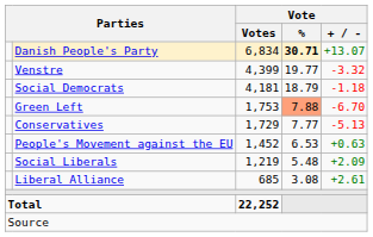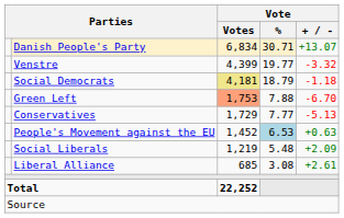 <table class="wikitable" style="text-align:right;">
 <tr>
 <th style="text-align:centre;" rowspan="2" colspan="2" width="225">Parties</th>
 <th colspan="3">Vote</th>
 </tr>
 <tr>
 <th width="15">Votes</th>
 <th width="15">%</th>
 <th width="15">+ / -</th>
 </tr>
 <tr>
 <td width="2" style="color:inherit;background:"></td>
 <td bgcolor=#fef2cc   align="left"><a href='#'>Danish People's Party</a></td>
 <td bgcolor=#fef2cc>6,834</td>
-<td bgcolor=#fef2cc><strong>30.71</strong></td>
+<td bgcolor=#fef2cc>30.71</td>
 <td style=color:green;>+13.07</td>
 </tr>
 <tr>
 <td width="2" style="color:inherit;background:"></td>
 <td align="left"><a href='#'>Venstre</a></td>
 <td>4,399</td>
 <td>19.77</td>
 <td style=color:red;>-3.32</td>
 </tr>
 <tr>
 <td width="2" style="color:inherit;background:"></td>
 <td align="left"><a href='#'>Social Democrats</a></td>
-<td>4,181</td>
+<td style="background: khaki;">4,181</td>
 <td>18.79</td>
 <td style=color:red;>-1.18</td>
 </tr>
 <tr>
 <td width="2" style="color:inherit;background:"></td>
 <td align="left"><a href='#'>Green Left</a></td>
-<td>1,753</td>
-<td style="background: lightsalmon;">7.88</td>
+<td style="background: lightsalmon;">1,753</td>
+<td>7.88</td>
 <td style=color:red;>-6.70</td>
 </tr>
 <tr>
 <td width="2" style="color:inherit;background:"></td>
 <td align="left"><a href='#'>Conservatives</a></td>
 <td>1,729</td>
 <td>7.77</td>
 <td style=color:red;>-5.13</td>
 </tr>
 <tr>
 <td width="2" style="color:inherit;background:"></td>
 <td align="left"><a href='#'>People's Movement against the EU</a></td>
 <td>1,452</td>
-<td>6.53</td>
+<td style="background: lightblue;">6.53</td>
 <td style=color:green;>+0.63</td>
 </tr>
 <tr>
 <td width="2" style="color:inherit;background:"></td>
 <td align="left"><a href='#'>Social Liberals</a></td>
 <td>1,219</td>
 <td>5.48</td>
 <td style=color:green;>+2.09</td>
 </tr>
 <tr>
 <td width="2" style="color:inherit;background:"></td>
 <td align="left"><a href='#'>Liberal Alliance</a></td>
 <td>685</td>
 <td>3.08</td>
 <td style=color:green;>+2.61</td>
 </tr>
 <tr>
 <td colspan="7" bgcolor="#E9E9E9"></td>
 </tr>
 <tr>
 <td align="left" colspan="2"><strong>Total</strong></td>
 <td><strong>22,252</strong></td>
 <td bgcolor="#E9E9E9" colspan="2"></td>
 </tr>
 <tr>
 <td align="left" colspan="6">Source</td>
 </tr>
 </table>
